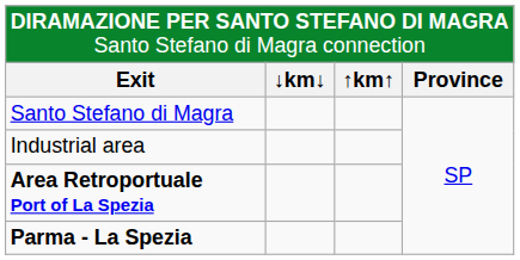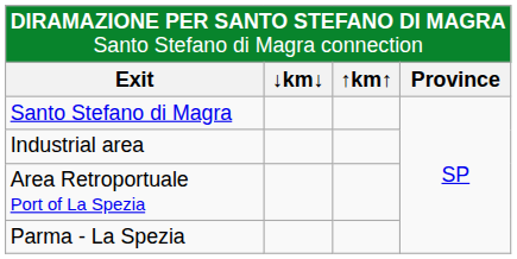 <table class="wikitable">
 <tr>
 </tr>
 <tr align="center" style="color: white;font-size:100%;" bgcolor="#08842c">
 <td colspan="6"> <strong>DIRAMAZIONE PER SANTO STEFANO DI MAGRA</strong><br>Santo Stefano di Magra connection</td>
 </tr>
 <tr>
 <th><strong>Exit</strong></th>
 <th align="center"><strong>↓km↓</strong></th>
 <th align="center"><strong>↑km↑</strong></th>
 <th align="center"><strong>Province</strong></th>
 </tr>
 <tr>
 <td> <a href='#'>Santo Stefano di Magra</a></td>
 <td align="right"></td>
 <td align="right"></td>
 <td rowspan="4" align="center"><a href='#'>SP</a></td>
 </tr>
 <tr>
 <td>   Industrial area</td>
 <td align="right"></td>
 <td align="right"></td>
 </tr>
 <tr>
-<td><strong> Area Retroportuale<br><small>  <a href='#'>Port of La Spezia</a></small></strong></td>
+<td> Area Retroportuale<br><small>  <a href='#'>Port of La Spezia</a></small></td>
 <td align="right"></td>
 <td align="right"></td>
 </tr>
 <tr>
-<td><strong>   Parma - La Spezia</strong></td>
+<td>   Parma - La Spezia</td>
 <td align="right"></td>
 <td align="right"></td>
 </tr>
 </table>
